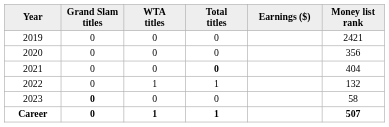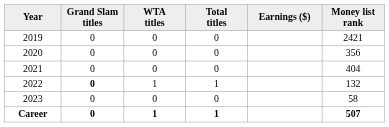 <table cellpadding=3 cellspacing=0 border=1 style=border:#aaa;solid:1px;border-collapse:collapse;text-align:center;>
 <tr style=background:#eee;font-weight:bold>
 <td width="90">Year</td>
 <td width="100">Grand Slam <br>titles</td>
 <td width="100">WTA <br>titles</td>
 <td width="100">Total <br>titles</td>
 <td width="120">Earnings ($)</td>
 <td width="100">Money list rank</td>
 </tr>
 <tr>
 <td>2019</td>
 <td>0</td>
 <td>0</td>
 <td>0</td>
 <td align="right"></td>
 <td>2421</td>
 </tr>
 <tr>
 <td>2020</td>
 <td>0</td>
 <td>0</td>
 <td>0</td>
 <td align="right"></td>
 <td>356</td>
 </tr>
 <tr>
 <td>2021</td>
 <td>0</td>
 <td>0</td>
-<td><strong>0</strong></td>
+<td>0</td>
 <td align="right"></td>
 <td>404</td>
 </tr>
 <tr>
 <td>2022</td>
-<td>0</td>
+<td><strong>0</strong></td>
 <td>1</td>
 <td>1</td>
 <td align="right"></td>
 <td>132</td>
 </tr>
 <tr>
 <td>2023</td>
-<td><strong>0</strong></td>
+<td>0</td>
 <td>0</td>
 <td>0</td>
 <td align="right"></td>
 <td>58</td>
 </tr>
 <tr style="font-weight:bold;">
 <td>Career</td>
 <td>0</td>
 <td>1</td>
 <td>1</td>
 <td align="right"></td>
 <td>507</td>
 </tr>
 </table>
